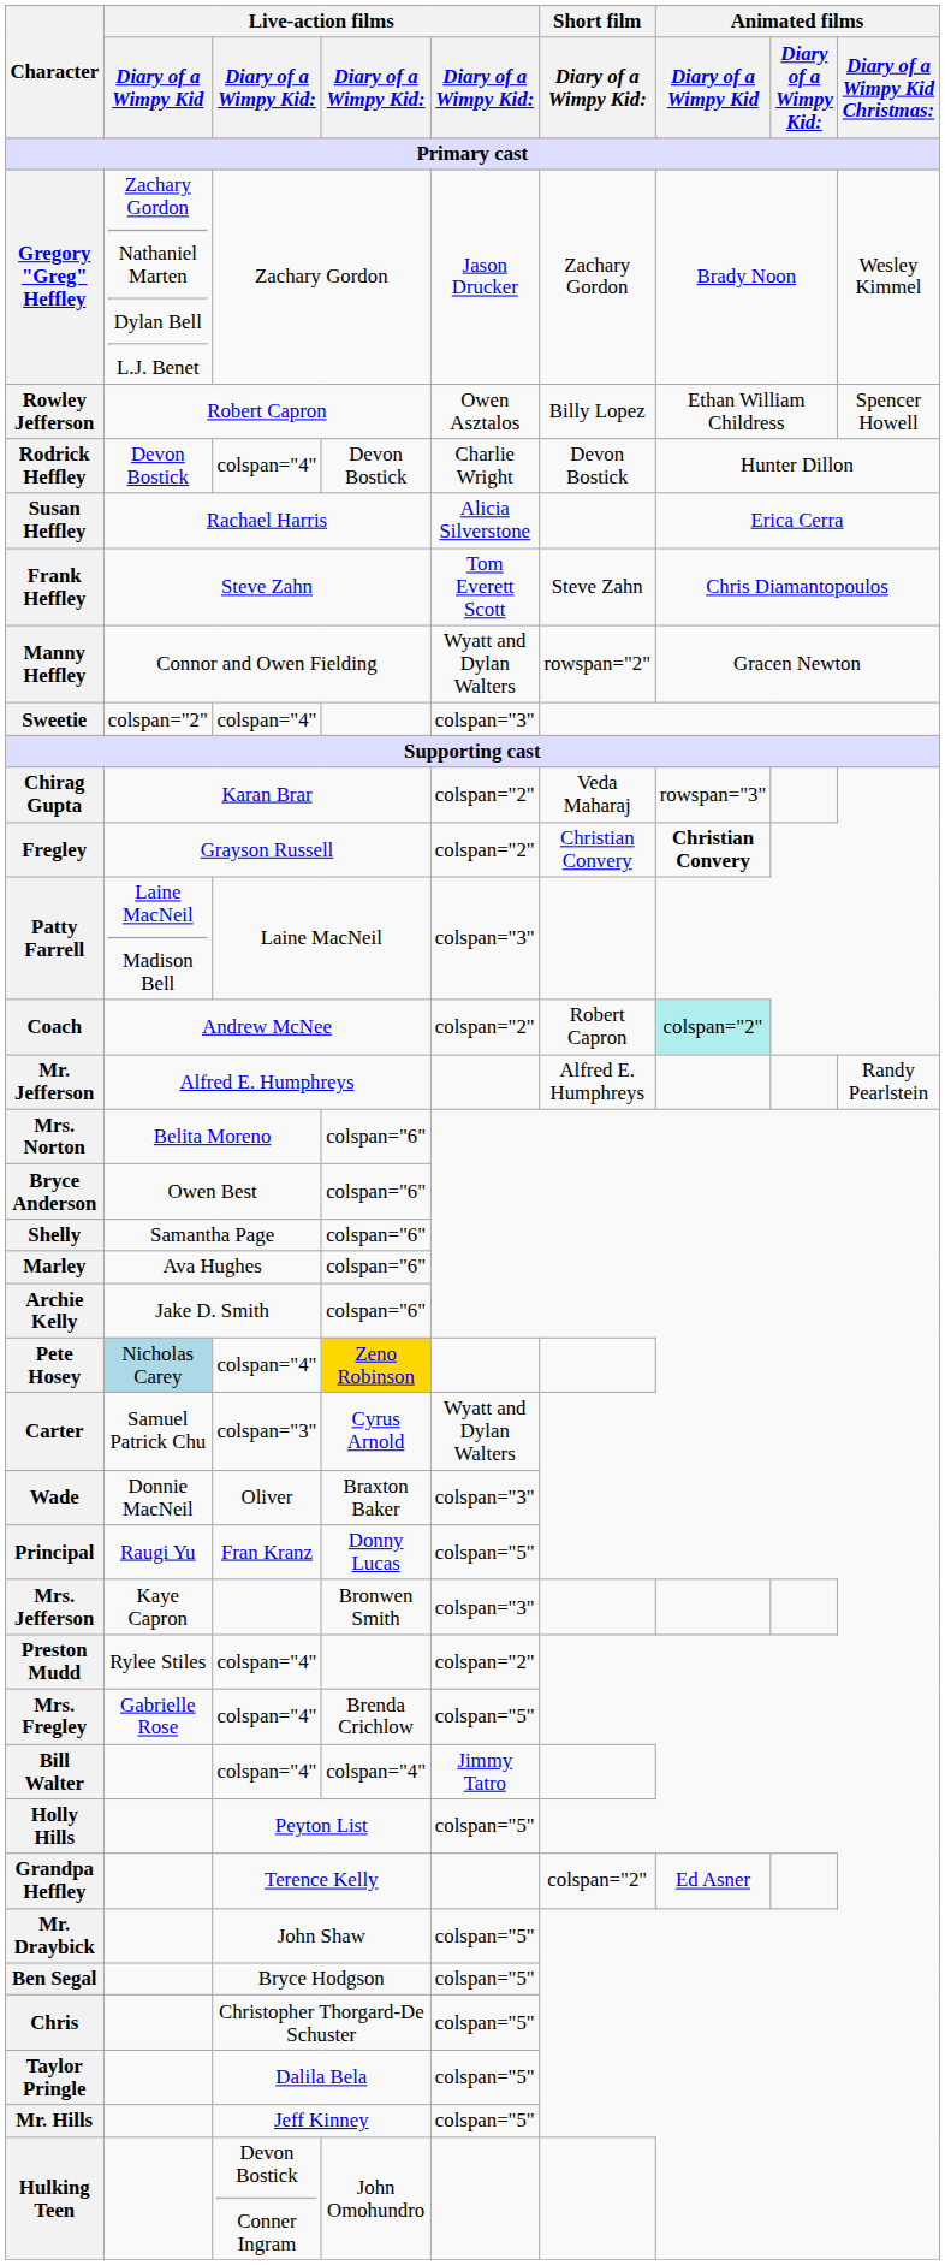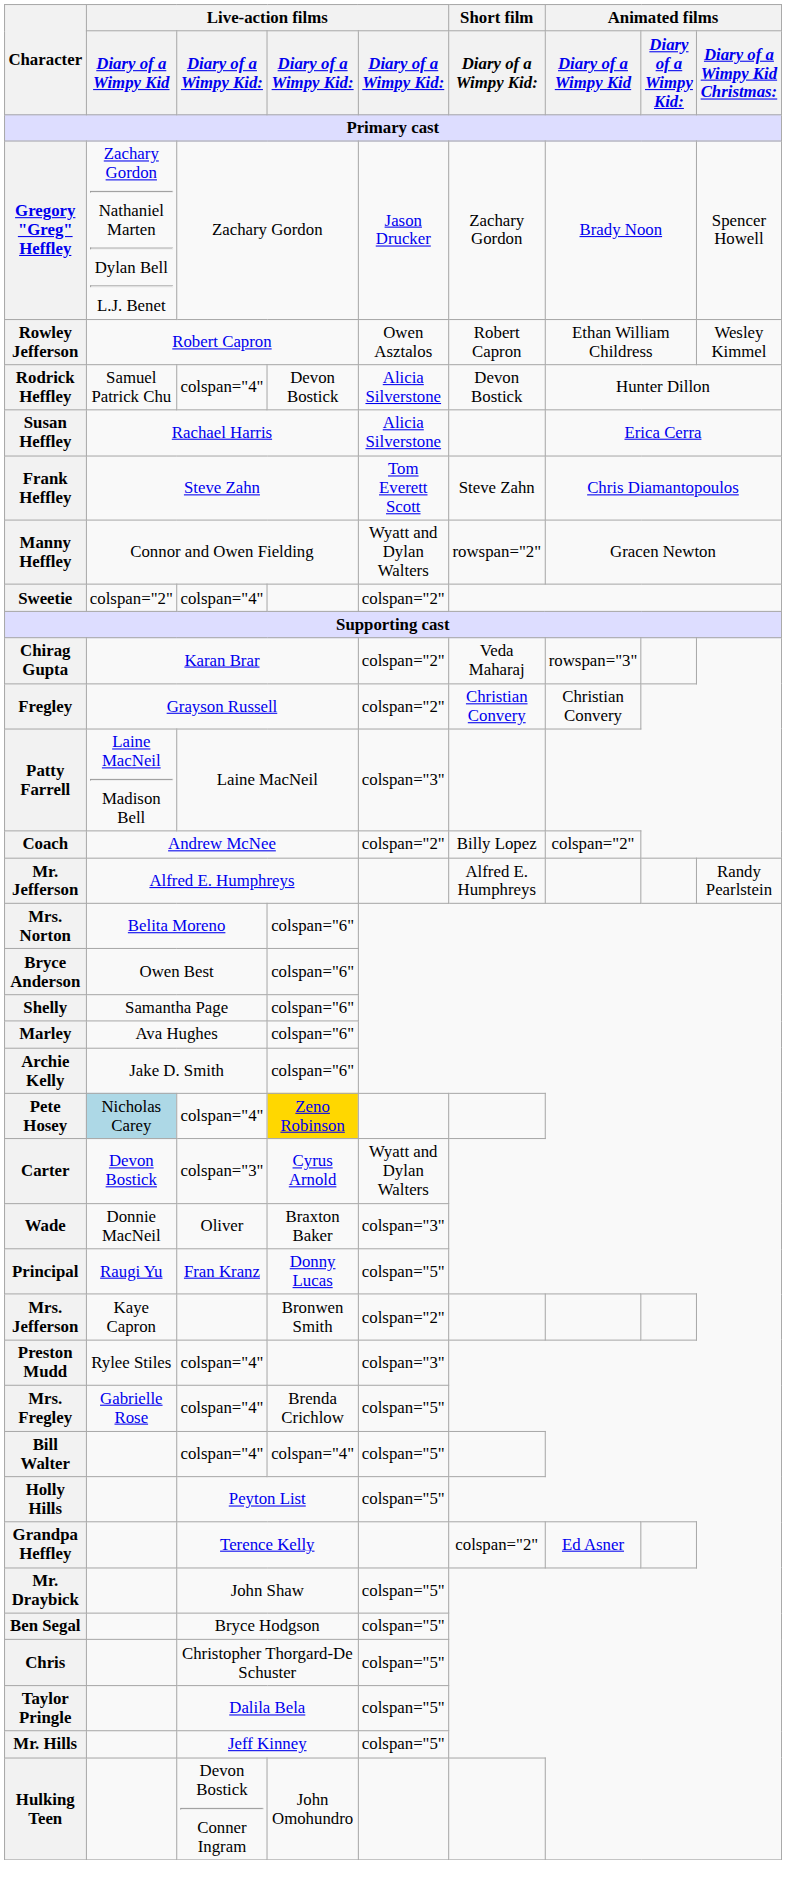 <table class="wikitable sortable" style="text-align:center; width:99%;">
 <tr>
 <th rowspan="2">Character</th>
 <th colspan="4">Live-action films</th>
 <th>Short film</th>
 <th colspan="3">Animated films</th>
 </tr>
 <tr>
 <th><em><a href='#'>Diary of a Wimpy Kid</a></em></th>
 <th><em><a href='#'>Diary of a Wimpy Kid:<br></a></em></th>
 <th><em><a href='#'>Diary of a Wimpy Kid:<br></a></em></th>
 <th><em><a href='#'>Diary of a Wimpy Kid:<br> </a></em></th>
 <th><em>Diary of a Wimpy Kid:<br></em></th>
 <th><em><a href='#'>Diary of a Wimpy Kid</a></em></th>
 <th><em><a href='#'>Diary of a Wimpy Kid:<br></a></em></th>
 <th><em><a href='#'>Diary of a Wimpy Kid Christmas:<br></a></em></th>
 </tr>
 <tr>
 <th colspan="9" style="background-color:#ddf;">Primary cast</th>
 </tr>
 <tr>
 <th><a href='#'>Gregory "Greg" Heffley</a></th>
 <td><a href='#'>Zachary Gordon</a><hr>Nathaniel Marten<hr>Dylan Bell<hr>L.J. Benet</td>
 <td colspan="2">Zachary Gordon</td>
 <td><a href='#'>Jason Drucker</a></td>
 <td>Zachary Gordon</td>
 <td colspan="2"><a href='#'>Brady Noon</a></td>
-<td>Wesley Kimmel</td>
+<td>Spencer Howell</td>
 </tr>
 <tr>
 <th>Rowley Jefferson</th>
 <td colspan="3"><a href='#'>Robert Capron</a></td>
 <td>Owen Asztalos</td>
-<td>Billy Lopez</td>
+<td>Robert Capron</td>
 <td colspan="2">Ethan William Childress</td>
-<td>Spencer Howell</td>
+<td>Wesley Kimmel</td>
 </tr>
 <tr>
 <th>Rodrick Heffley</th>
-<td><a href='#'>Devon Bostick</a></td>
+<td>Samuel Patrick Chu</td>
 <td>colspan="4" </td>
 <td>Devon Bostick</td>
-<td>Charlie Wright</td>
+<td><a href='#'>Alicia Silverstone</a></td>
 <td>Devon Bostick</td>
 <td colspan="3">Hunter Dillon</td>
 </tr>
 <tr>
 <th>Susan Heffley</th>
 <td colspan="3"><a href='#'>Rachael Harris</a></td>
 <td><a href='#'>Alicia Silverstone</a></td>
 <td></td>
 <td colspan="3"><a href='#'>Erica Cerra</a></td>
 </tr>
 <tr>
 <th>Frank Heffley</th>
 <td colspan="3"><a href='#'>Steve Zahn</a></td>
 <td><a href='#'>Tom Everett Scott</a></td>
 <td>Steve Zahn</td>
 <td colspan="3"><a href='#'>Chris Diamantopoulos</a></td>
 </tr>
 <tr>
 <th>Manny Heffley</th>
 <td colspan="3">Connor and Owen Fielding</td>
 <td>Wyatt and Dylan Walters</td>
 <td>rowspan="2" </td>
 <td colspan="3">Gracen Newton</td>
 </tr>
 <tr>
 <th>Sweetie</th>
 <td>colspan="2" </td>
 <td>colspan="4" </td>
 <td></td>
-<td>colspan="3" </td>
+<td>colspan="2" </td>
 </tr>
 <tr>
 <th colspan="9" style="background-color:#ddf;">Supporting cast</th>
 </tr>
 <tr>
 <th>Chirag Gupta</th>
 <td colspan="3"><a href='#'>Karan Brar</a></td>
 <td>colspan="2" </td>
 <td>Veda Maharaj</td>
 <td>rowspan="3" </td>
 <td></td>
 </tr>
 <tr>
 <th>Fregley</th>
 <td colspan="3"><a href='#'>Grayson Russell</a></td>
 <td>colspan="2" </td>
 <td><a href='#'>Christian Convery</a></td>
-<td><strong>Christian Convery</strong></td>
+<td>Christian Convery</td>
 </tr>
 <tr>
 <th>Patty Farrell</th>
 <td><a href='#'>Laine MacNeil</a><hr>Madison Bell</td>
 <td colspan="2">Laine MacNeil</td>
 <td>colspan="3" </td>
 <td></td>
 </tr>
 <tr>
 <th>Coach</th>
 <td colspan="3"><a href='#'>Andrew McNee</a></td>
 <td>colspan="2" </td>
-<td>Robert Capron</td>
-<td style="background: paleturquoise;">colspan="2" </td>
+<td>Billy Lopez</td>
+<td>colspan="2" </td>
 </tr>
 <tr>
 <th>Mr. Jefferson</th>
 <td colspan="3"><a href='#'>Alfred E. Humphreys</a></td>
 <td></td>
 <td>Alfred E. Humphreys</td>
 <td></td>
 <td></td>
 <td>Randy Pearlstein</td>
 </tr>
 <tr>
 <th>Mrs. Norton</th>
 <td colspan="2"><a href='#'>Belita Moreno</a></td>
 <td>colspan="6" </td>
 </tr>
 <tr>
 <th>Bryce Anderson</th>
 <td colspan="2">Owen Best</td>
 <td>colspan="6" </td>
 </tr>
 <tr>
 <th>Shelly</th>
 <td colspan="2">Samantha Page</td>
 <td>colspan="6" </td>
 </tr>
 <tr>
 <th>Marley</th>
 <td colspan="2">Ava Hughes</td>
 <td>colspan="6" </td>
 </tr>
 <tr>
 <th>Archie Kelly</th>
 <td colspan="2">Jake D. Smith</td>
 <td>colspan="6" </td>
 </tr>
 <tr>
 <th>Pete Hosey</th>
 <td style="background: lightblue;">Nicholas Carey</td>
 <td>colspan="4" </td>
 <td style="background: gold;"><a href='#'>Zeno Robinson</a></td>
 <td></td>
 <td></td>
 </tr>
 <tr>
 <th>Carter</th>
-<td>Samuel Patrick Chu</td>
+<td><a href='#'>Devon Bostick</a></td>
 <td>colspan="3" </td>
 <td><a href='#'>Cyrus Arnold</a></td>
 <td>Wyatt and Dylan Walters</td>
 </tr>
 <tr>
 <th>Wade</th>
 <td>Donnie MacNeil</td>
 <td>Oliver</td>
 <td>Braxton Baker</td>
 <td>colspan="3" </td>
 </tr>
 <tr>
 <th>Principal</th>
 <td><a href='#'>Raugi Yu</a></td>
 <td><a href='#'>Fran Kranz</a></td>
 <td><a href='#'>Donny Lucas</a></td>
 <td>colspan="5" </td>
 </tr>
 <tr>
 <th>Mrs. Jefferson</th>
 <td>Kaye Capron</td>
 <td></td>
 <td>Bronwen Smith</td>
-<td>colspan="3" </td>
+<td>colspan="2" </td>
 <td></td>
 <td></td>
 <td></td>
 </tr>
 <tr>
 <th>Preston Mudd</th>
 <td>Rylee Stiles</td>
 <td>colspan="4" </td>
 <td></td>
-<td>colspan="2" </td>
+<td>colspan="3" </td>
 </tr>
 <tr>
 <th>Mrs. Fregley</th>
 <td><a href='#'>Gabrielle Rose</a></td>
 <td>colspan="4" </td>
 <td>Brenda Crichlow</td>
 <td>colspan="5" </td>
 </tr>
 <tr>
 <th>Bill Walter</th>
 <td></td>
 <td>colspan="4" </td>
 <td>colspan="4" </td>
-<td><a href='#'>Jimmy Tatro</a></td>
+<td>colspan="5" </td>
 <td></td>
 </tr>
 <tr>
 <th>Holly Hills</th>
 <td></td>
 <td colspan="2"><a href='#'>Peyton List</a></td>
 <td>colspan="5" </td>
 </tr>
 <tr>
 <th>Grandpa Heffley</th>
 <td></td>
 <td colspan="2"><a href='#'>Terence Kelly</a></td>
 <td></td>
 <td>colspan="2" </td>
 <td><a href='#'>Ed Asner</a></td>
 <td></td>
 </tr>
 <tr>
 <th>Mr. Draybick</th>
 <td></td>
 <td colspan="2">John Shaw</td>
 <td>colspan="5" </td>
 </tr>
 <tr>
 <th>Ben Segal</th>
 <td></td>
 <td colspan="2">Bryce Hodgson</td>
 <td>colspan="5" </td>
 </tr>
 <tr>
 <th>Chris</th>
 <td></td>
 <td colspan="2">Christopher Thorgard-De Schuster</td>
 <td>colspan="5" </td>
 </tr>
 <tr>
 <th>Taylor Pringle</th>
 <td></td>
 <td colspan="2"><a href='#'>Dalila Bela</a></td>
 <td>colspan="5" </td>
 </tr>
 <tr>
 <th>Mr. Hills</th>
 <td></td>
 <td colspan="2"><a href='#'>Jeff Kinney</a></td>
 <td>colspan="5" </td>
 </tr>
 <tr>
 <th>Hulking Teen</th>
 <td></td>
 <td>Devon Bostick<hr>Conner Ingram</td>
 <td>John Omohundro</td>
 <td></td>
 <td></td>
 </tr>
 </table>
